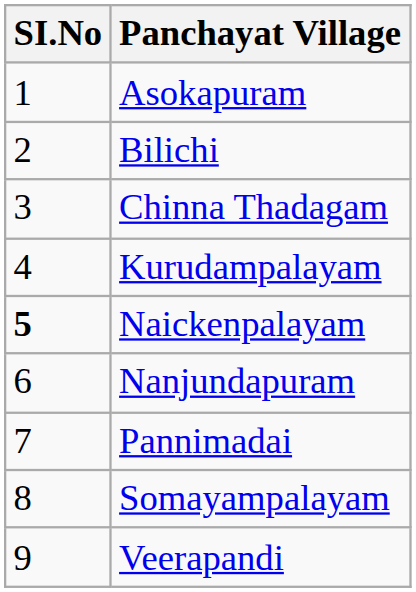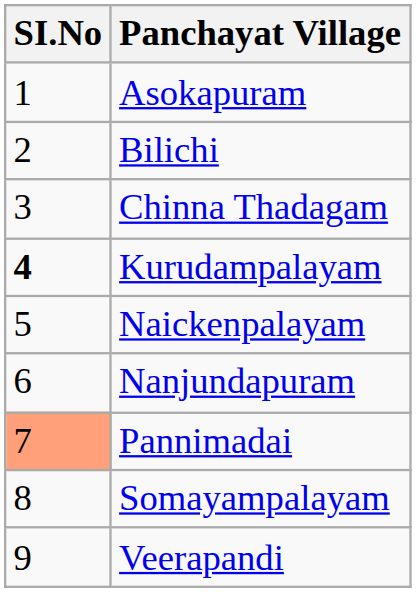 <table class="wikitable sortable">
 <tr>
 <th>SI.No</th>
 <th>Panchayat Village</th>
 </tr>
 <tr>
 <td>1</td>
 <td><a href='#'>Asokapuram</a></td>
 </tr>
 <tr>
 <td>2</td>
 <td><a href='#'>Bilichi</a></td>
 </tr>
 <tr>
 <td>3</td>
 <td><a href='#'>Chinna Thadagam</a></td>
 </tr>
 <tr>
-<td>4</td>
+<td><strong>4</strong></td>
 <td><a href='#'>Kurudampalayam</a></td>
 </tr>
 <tr>
-<td><strong>5</strong></td>
+<td>5</td>
 <td><a href='#'>Naickenpalayam</a></td>
 </tr>
 <tr>
 <td>6</td>
 <td><a href='#'>Nanjundapuram</a></td>
 </tr>
 <tr>
-<td>7</td>
+<td style="background: lightsalmon;">7</td>
 <td><a href='#'>Pannimadai</a></td>
 </tr>
 <tr>
 <td>8</td>
 <td><a href='#'>Somayampalayam</a></td>
 </tr>
 <tr>
 <td>9</td>
 <td><a href='#'>Veerapandi</a></td>
 </tr>
 </table>
